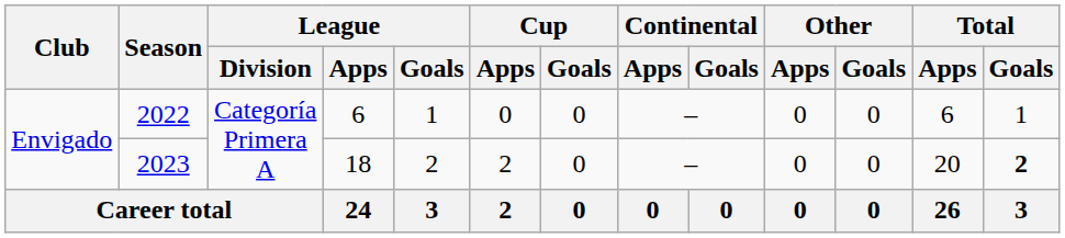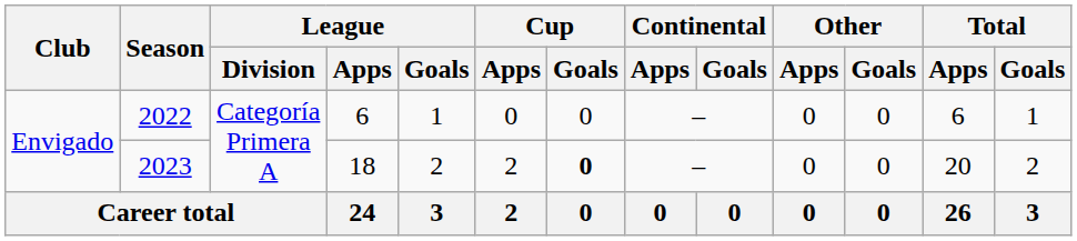 <table class=wikitable style=text-align:center>
 <tr>
 <th rowspan="2">Club</th>
 <th rowspan="2">Season</th>
 <th colspan="3">League</th>
 <th colspan="2">Cup</th>
 <th colspan="2">Continental</th>
 <th colspan="2">Other</th>
 <th colspan="2">Total</th>
 </tr>
 <tr>
 <th>Division</th>
 <th>Apps</th>
 <th>Goals</th>
 <th>Apps</th>
 <th>Goals</th>
 <th>Apps</th>
 <th>Goals</th>
 <th>Apps</th>
 <th>Goals</th>
 <th>Apps</th>
 <th>Goals</th>
 </tr>
 <tr>
 <td rowspan="2"><a href='#'>Envigado</a></td>
 <td><a href='#'>2022</a></td>
 <td rowspan="2"><a href='#'>Categoría Primera A</a></td>
 <td>6</td>
 <td>1</td>
 <td>0</td>
 <td>0</td>
 <td colspan="2">–</td>
 <td>0</td>
 <td>0</td>
 <td>6</td>
 <td>1</td>
 </tr>
 <tr>
 <td><a href='#'>2023</a></td>
 <td>18</td>
 <td>2</td>
 <td>2</td>
-<td>0</td>
+<td><strong>0</strong></td>
 <td colspan="2">–</td>
 <td>0</td>
 <td>0</td>
 <td>20</td>
-<td><strong>2</strong></td>
+<td>2</td>
 </tr>
 <tr>
 <th colspan="3"><strong>Career total</strong></th>
 <th>24</th>
 <th>3</th>
 <th>2</th>
 <th>0</th>
 <th>0</th>
 <th>0</th>
 <th>0</th>
 <th>0</th>
 <th>26</th>
 <th>3</th>
 </tr>
 </table>
